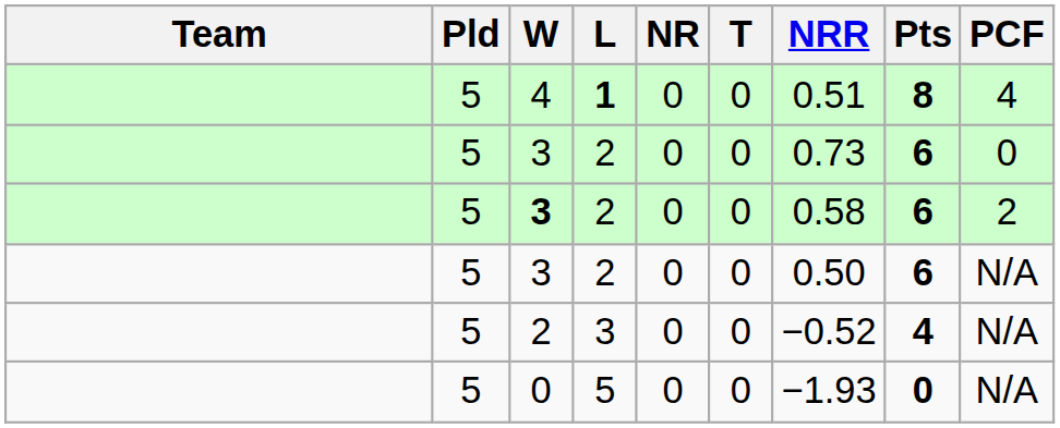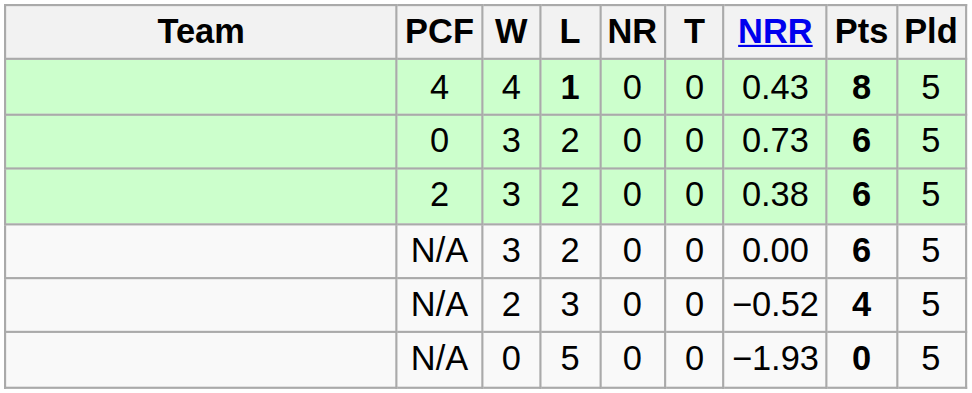 <table class="wikitable" style="text-align:center">
 <tr>
 <th width=175>Team</th>
-<th width=20 abbr="Played">Pld</th>
+<th width=20 abbr="Points carried forward">PCF</th>
 <th width=20 abbr="Won">W</th>
 <th width=20 abbr="Lost">L</th>
 <th width=20 abbr="No result">NR</th>
 <th width=20 abbr="Tied">T</th>
 <th width=20 abbr="Net run rate"><a href='#'>NRR</a></th>
 <th width=20 abbr="Points">Pts</th>
-<th width=20 abbr="Points carried forward">PCF</th>
+<th width=20 abbr="Played">Pld</th>
 </tr>
 <tr style="background:#ccffcc">
 <td style="text-align:left"></td>
-<td>5</td>
+<td>4</td>
 <td>4</td>
 <td><strong>1</strong></td>
 <td>0</td>
 <td>0</td>
-<td>0.51</td>
+<td>0.43</td>
 <td><strong>8</strong></td>
-<td>4</td>
+<td>5</td>
 </tr>
 <tr style="background:#ccffcc">
 <td style="text-align:left"></td>
-<td>5</td>
+<td>0</td>
 <td>3</td>
 <td>2</td>
 <td>0</td>
 <td>0</td>
 <td>0.73</td>
 <td><strong>6</strong></td>
-<td>0</td>
+<td>5</td>
 </tr>
 <tr style="background:#ccffcc">
 <td style="text-align:left"></td>
-<td>5</td>
-<td><strong>3</strong></td>
 <td>2</td>
-<td>0</td>
-<td>0</td>
-<td>0.58</td>
-<td><strong>6</strong></td>
-<td>2</td>
-</tr>
-<tr>
-<td style="text-align:left"></td>
-<td>5</td>
 <td>3</td>
 <td>2</td>
 <td>0</td>
 <td>0</td>
-<td>0.50</td>
+<td>0.38</td>
 <td><strong>6</strong></td>
-<td>N/A</td>
+<td>5</td>
 </tr>
 <tr>
 <td style="text-align:left"></td>
+<td>N/A</td>
+<td>3</td>
+<td>2</td>
+<td>0</td>
+<td>0</td>
+<td>0.00</td>
+<td><strong>6</strong></td>
 <td>5</td>
+</tr>
+<tr>
+<td style="text-align:left"></td>
+<td>N/A</td>
 <td>2</td>
 <td>3</td>
 <td>0</td>
 <td>0</td>
 <td>−0.52</td>
 <td><strong>4</strong></td>
-<td>N/A</td>
+<td>5</td>
 </tr>
 <tr>
 <td style="text-align:left"></td>
-<td>5</td>
+<td>N/A</td>
 <td>0</td>
 <td>5</td>
 <td>0</td>
 <td>0</td>
 <td>−1.93</td>
 <td><strong>0</strong></td>
-<td>N/A</td>
+<td>5</td>
 </tr>
 </table>
